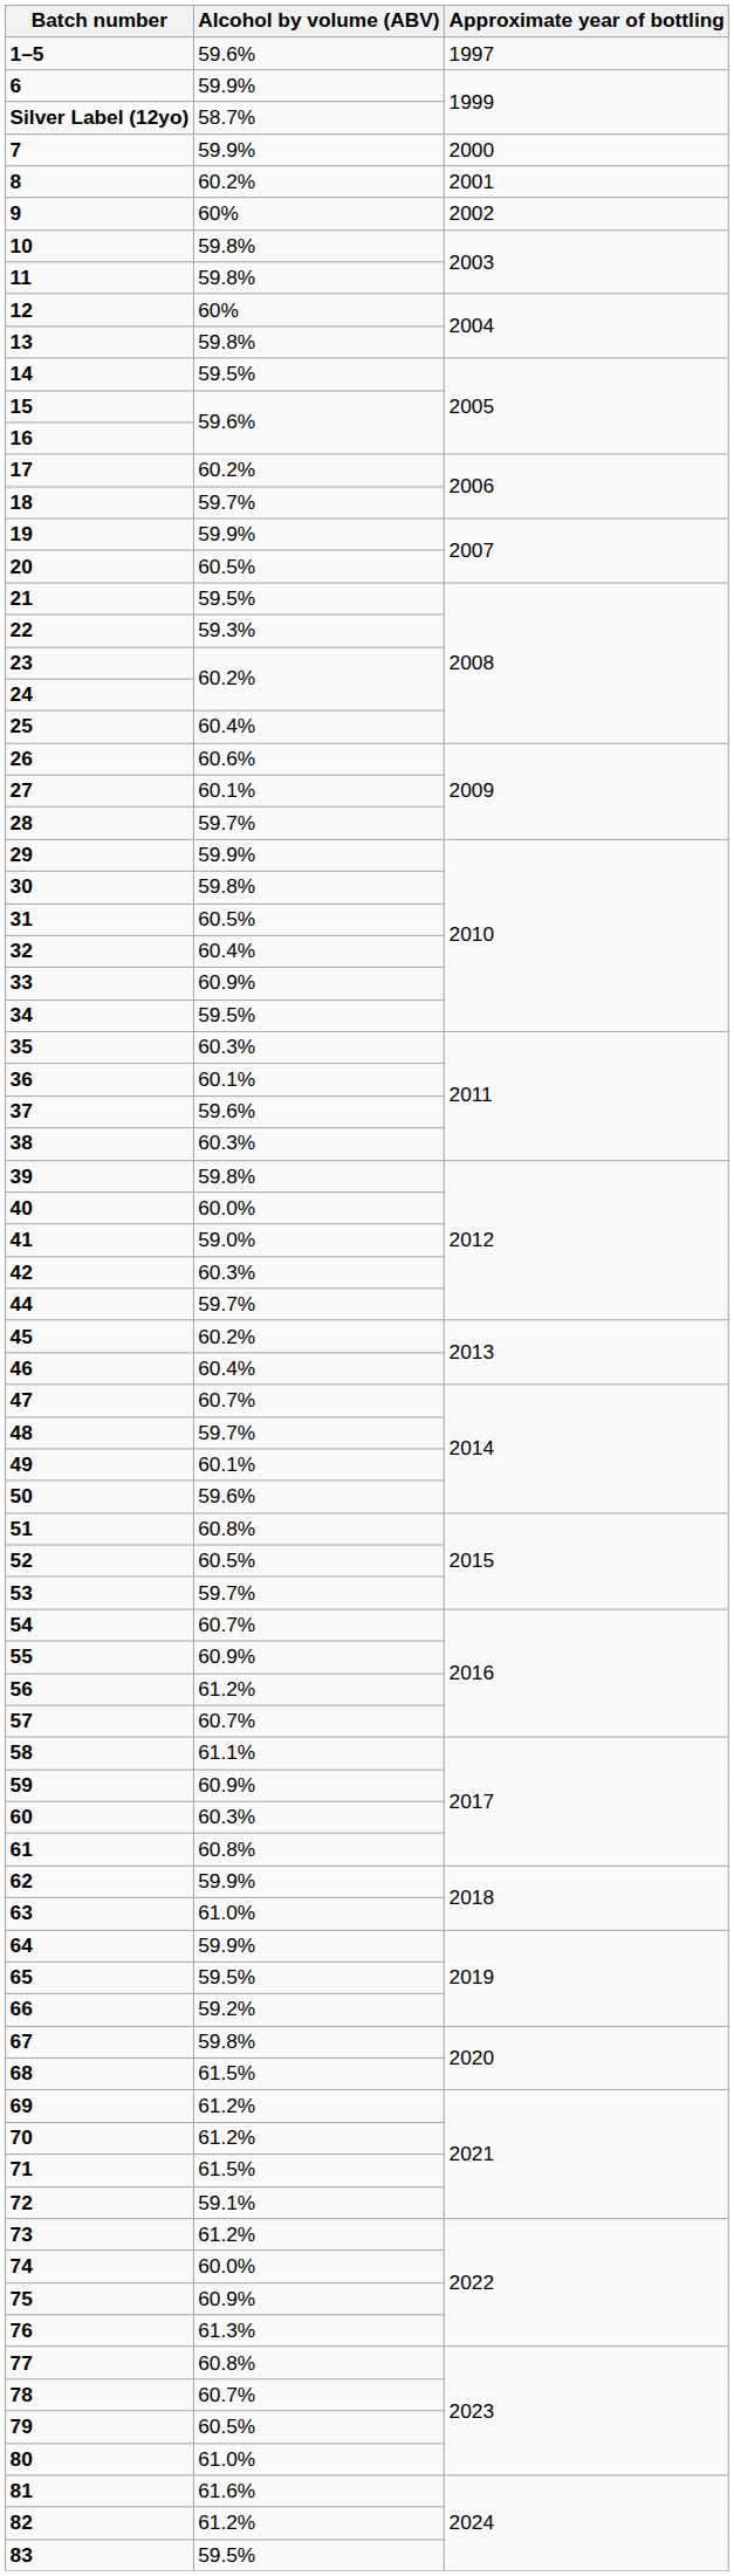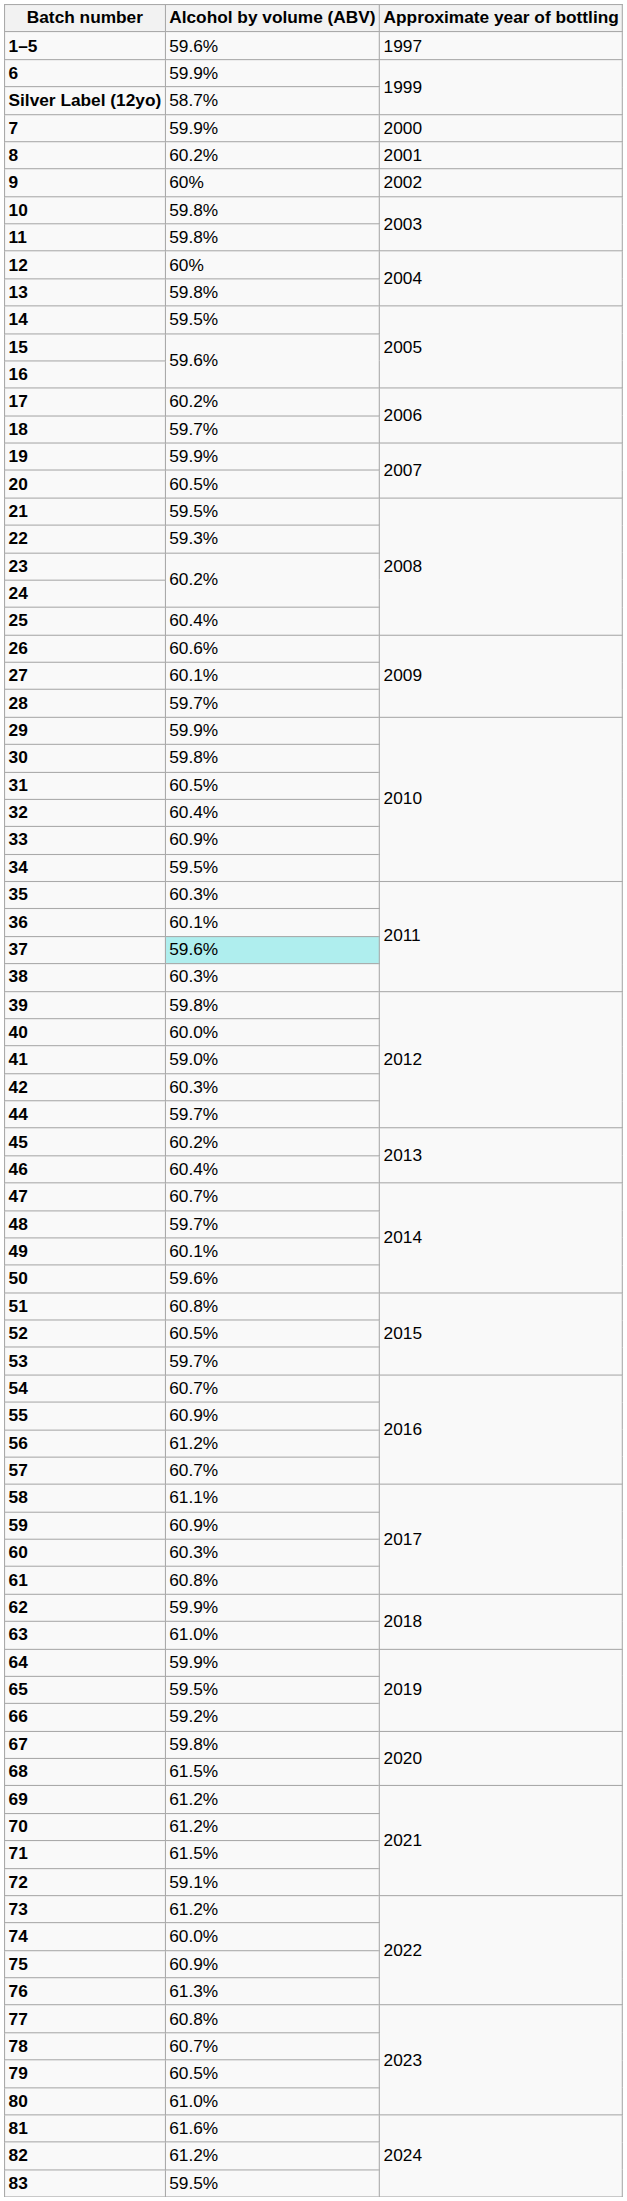 <table class="wikitable">
 <tr>
 <th>Batch number</th>
 <th>Alcohol by volume (ABV)</th>
 <th>Approximate year of bottling</th>
 </tr>
 <tr>
 <td><strong>1–5</strong></td>
 <td>59.6%</td>
 <td>1997</td>
 </tr>
 <tr>
 <td><strong>6</strong></td>
 <td>59.9%</td>
 <td rowspan="2">1999</td>
 </tr>
 <tr>
 <td><strong>Silver Label (12yo)</strong></td>
 <td>58.7%</td>
 </tr>
 <tr>
 <td><strong>7</strong></td>
 <td>59.9%</td>
 <td>2000</td>
 </tr>
 <tr>
 <td><strong>8</strong></td>
 <td>60.2%</td>
 <td>2001</td>
 </tr>
 <tr>
 <td><strong>9</strong></td>
 <td>60%</td>
 <td>2002</td>
 </tr>
 <tr>
 <td><strong>10</strong></td>
 <td>59.8%</td>
 <td rowspan="2">2003</td>
 </tr>
 <tr>
 <td><strong>11</strong></td>
 <td>59.8%</td>
 </tr>
 <tr>
 <td><strong>12</strong></td>
 <td>60%</td>
 <td rowspan="2">2004</td>
 </tr>
 <tr>
 <td><strong>13</strong></td>
 <td>59.8%</td>
 </tr>
 <tr>
 <td><strong>14</strong></td>
 <td>59.5%</td>
 <td rowspan="3">2005</td>
 </tr>
 <tr>
 <td><strong>15</strong></td>
 <td rowspan="2">59.6%</td>
 </tr>
 <tr>
 <td><strong>16</strong></td>
 </tr>
 <tr>
 <td><strong>17</strong></td>
 <td>60.2%</td>
 <td rowspan="2">2006</td>
 </tr>
 <tr>
 <td><strong>18</strong></td>
 <td>59.7%</td>
 </tr>
 <tr>
 <td><strong>19</strong></td>
 <td>59.9%</td>
 <td rowspan="2">2007</td>
 </tr>
 <tr>
 <td><strong>20</strong></td>
 <td>60.5%</td>
 </tr>
 <tr>
 <td><strong>21</strong></td>
 <td>59.5%</td>
 <td rowspan="5">2008</td>
 </tr>
 <tr>
 <td><strong>22</strong></td>
 <td>59.3%</td>
 </tr>
 <tr>
 <td><strong>23</strong></td>
 <td rowspan="2">60.2%</td>
 </tr>
 <tr>
 <td><strong>24</strong></td>
 </tr>
 <tr>
 <td><strong>25</strong></td>
 <td>60.4%</td>
 </tr>
 <tr>
 <td><strong>26</strong></td>
 <td>60.6%</td>
 <td rowspan="3">2009</td>
 </tr>
 <tr>
 <td><strong>27</strong></td>
 <td>60.1%</td>
 </tr>
 <tr>
 <td><strong>28</strong></td>
 <td>59.7%</td>
 </tr>
 <tr>
 <td><strong>29</strong></td>
 <td>59.9%</td>
 <td rowspan="6">2010</td>
 </tr>
 <tr>
 <td><strong>30</strong></td>
 <td>59.8%</td>
 </tr>
 <tr>
 <td><strong>31</strong></td>
 <td>60.5%</td>
 </tr>
 <tr>
 <td><strong>32</strong></td>
 <td>60.4%</td>
 </tr>
 <tr>
 <td><strong>33</strong></td>
 <td>60.9%</td>
 </tr>
 <tr>
 <td><strong>34</strong></td>
 <td>59.5%</td>
 </tr>
 <tr>
 <td><strong>35</strong></td>
 <td>60.3%</td>
 <td rowspan="4">2011</td>
 </tr>
 <tr>
 <td><strong>36</strong></td>
 <td>60.1%</td>
 </tr>
 <tr>
 <td><strong>37</strong></td>
-<td>59.6%</td>
+<td style="background: paleturquoise;">59.6%</td>
 </tr>
 <tr>
 <td><strong>38</strong></td>
 <td>60.3%</td>
 </tr>
 <tr>
 <td><strong>39</strong></td>
 <td>59.8%</td>
 <td rowspan="5">2012</td>
 </tr>
 <tr>
 <td><strong>40</strong></td>
 <td>60.0%</td>
 </tr>
 <tr>
 <td><strong>41</strong></td>
 <td>59.0%</td>
 </tr>
 <tr>
 <td><strong>42</strong></td>
 <td>60.3%</td>
 </tr>
 <tr>
 <td><strong>44</strong></td>
 <td>59.7%</td>
 </tr>
 <tr>
 <td><strong>45</strong></td>
 <td>60.2%</td>
 <td rowspan="2">2013</td>
 </tr>
 <tr>
 <td><strong>46</strong></td>
 <td>60.4%</td>
 </tr>
 <tr>
 <td><strong>47</strong></td>
 <td>60.7%</td>
 <td rowspan="4">2014</td>
 </tr>
 <tr>
 <td><strong>48</strong></td>
 <td>59.7%</td>
 </tr>
 <tr>
 <td><strong>49</strong></td>
 <td>60.1%</td>
 </tr>
 <tr>
 <td><strong>50</strong></td>
 <td>59.6%</td>
 </tr>
 <tr>
 <td><strong>51</strong></td>
 <td>60.8%</td>
 <td rowspan="3">2015</td>
 </tr>
 <tr>
 <td><strong>52</strong></td>
 <td>60.5%</td>
 </tr>
 <tr>
 <td><strong>53</strong></td>
 <td>59.7%</td>
 </tr>
 <tr>
 <td><strong>54</strong></td>
 <td>60.7%</td>
 <td rowspan="4">2016</td>
 </tr>
 <tr>
 <td><strong>55</strong></td>
 <td>60.9%</td>
 </tr>
 <tr>
 <td><strong>56</strong></td>
 <td>61.2%</td>
 </tr>
 <tr>
 <td><strong>57</strong></td>
 <td>60.7%</td>
 </tr>
 <tr>
 <td><strong>58</strong></td>
 <td>61.1%</td>
 <td rowspan="4">2017</td>
 </tr>
 <tr>
 <td><strong>59</strong></td>
 <td>60.9%</td>
 </tr>
 <tr>
 <td><strong>60</strong></td>
 <td>60.3%</td>
 </tr>
 <tr>
 <td><strong>61</strong></td>
 <td>60.8%</td>
 </tr>
 <tr>
 <td><strong>62</strong></td>
 <td>59.9%</td>
 <td rowspan="2">2018</td>
 </tr>
 <tr>
 <td><strong>63</strong></td>
 <td>61.0%</td>
 </tr>
 <tr>
 <td><strong>64</strong></td>
 <td>59.9%</td>
 <td rowspan="3">2019</td>
 </tr>
 <tr>
 <td><strong>65</strong></td>
 <td>59.5%</td>
 </tr>
 <tr>
 <td><strong>66</strong></td>
 <td>59.2%</td>
 </tr>
 <tr>
 <td><strong>67</strong></td>
 <td>59.8%</td>
 <td rowspan="2">2020</td>
 </tr>
 <tr>
 <td><strong>68</strong></td>
 <td>61.5%</td>
 </tr>
 <tr>
 <td><strong>69</strong></td>
 <td>61.2%</td>
 <td rowspan="4">2021</td>
 </tr>
 <tr>
 <td><strong>70</strong></td>
 <td>61.2%</td>
 </tr>
 <tr>
 <td><strong>71</strong></td>
 <td>61.5%</td>
 </tr>
 <tr>
 <td><strong>72</strong></td>
 <td>59.1%</td>
 </tr>
 <tr>
 <td><strong>73</strong></td>
 <td>61.2%</td>
 <td rowspan="4">2022</td>
 </tr>
 <tr>
 <td><strong>74</strong></td>
 <td>60.0%</td>
 </tr>
 <tr>
 <td><strong>75</strong></td>
 <td>60.9%</td>
 </tr>
 <tr>
 <td><strong>76</strong></td>
 <td>61.3%</td>
 </tr>
 <tr>
 <td><strong>77</strong></td>
 <td>60.8%</td>
 <td rowspan="4">2023</td>
 </tr>
 <tr>
 <td><strong>78</strong></td>
 <td>60.7%</td>
 </tr>
 <tr>
 <td><strong>79</strong></td>
 <td>60.5%</td>
 </tr>
 <tr>
 <td><strong>80</strong></td>
 <td>61.0%</td>
 </tr>
 <tr>
 <td><strong>81</strong></td>
 <td>61.6%</td>
 <td rowspan="3">2024</td>
 </tr>
 <tr>
 <td><strong>82</strong></td>
 <td>61.2%</td>
 </tr>
 <tr>
 <td><strong>83</strong></td>
 <td>59.5%</td>
 </tr>
 </table>
